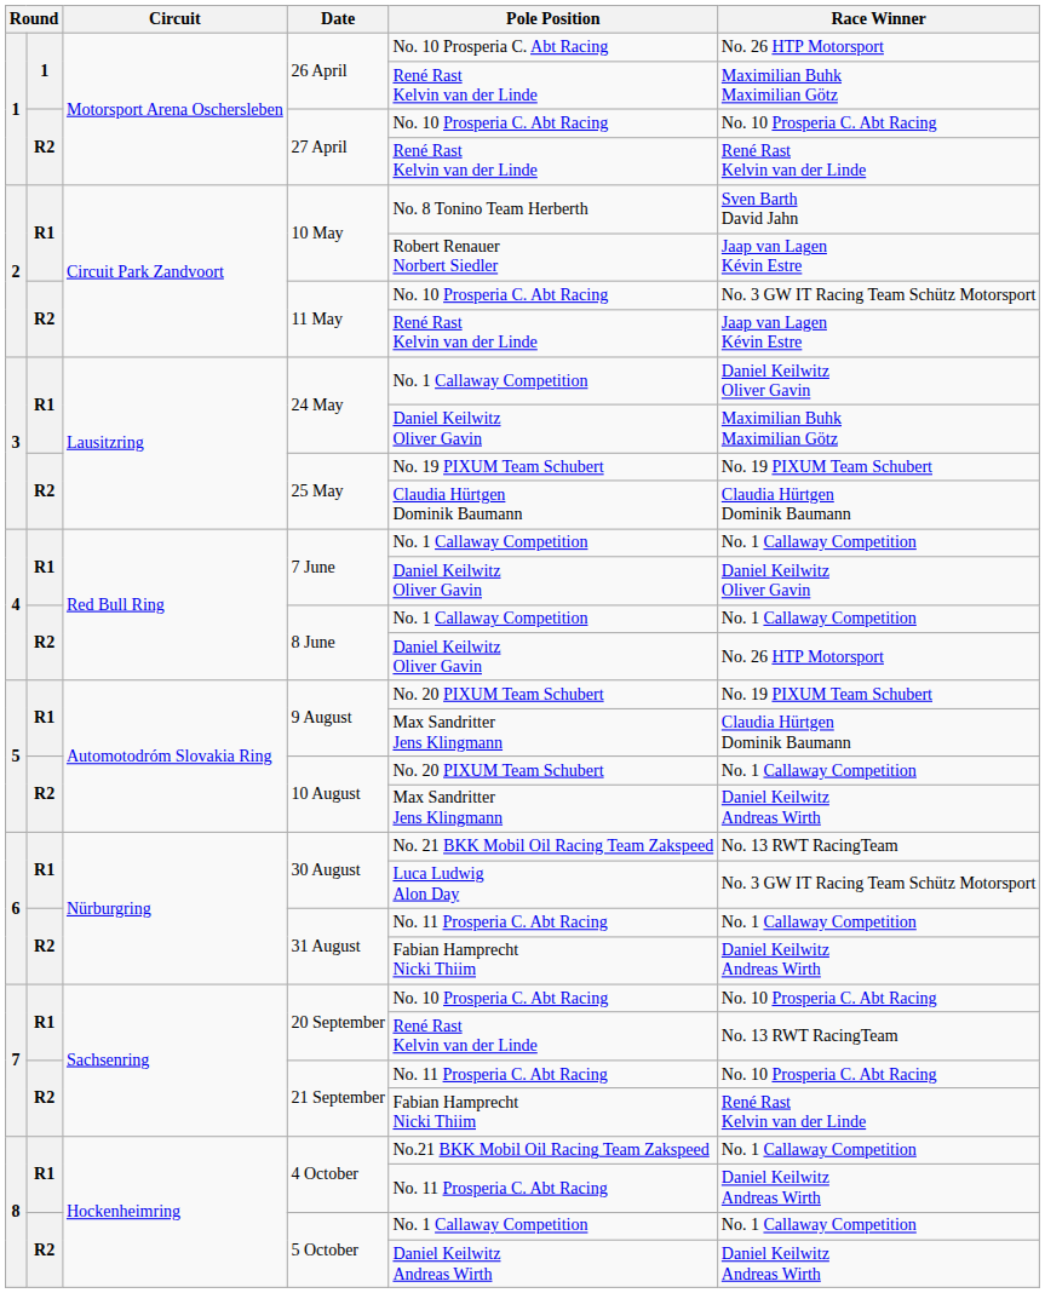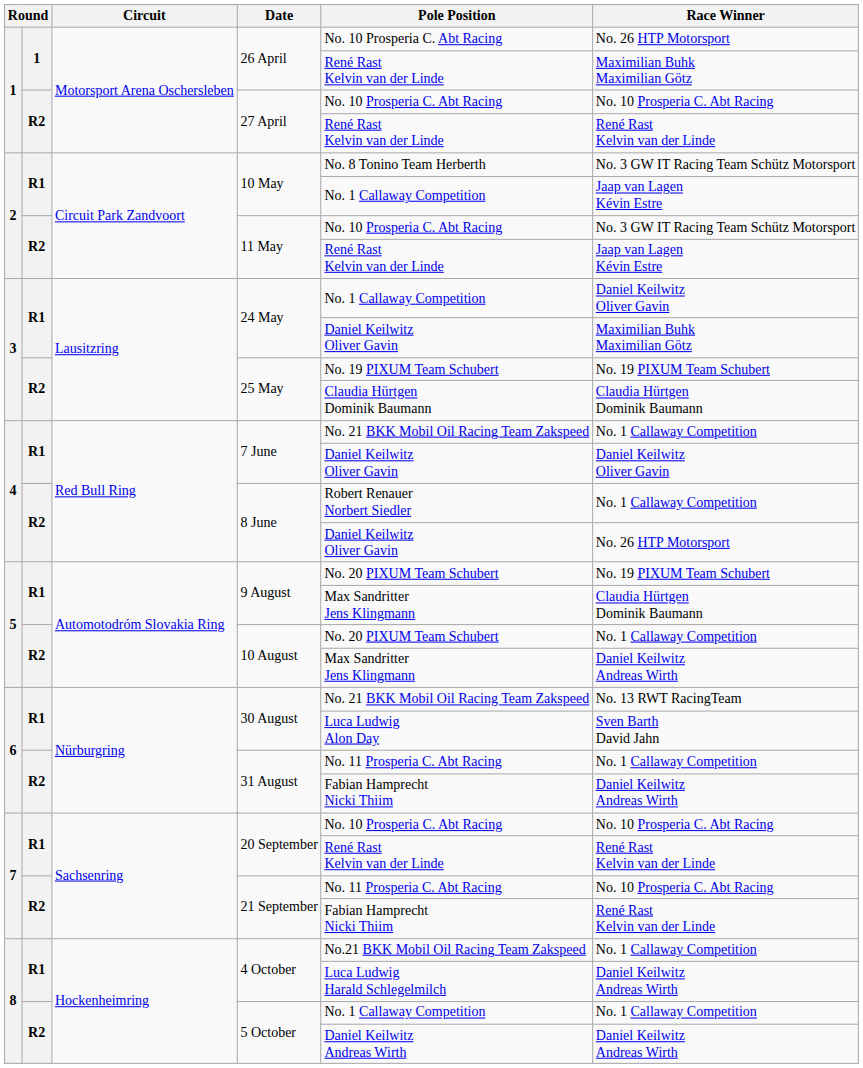 <table class="wikitable" style="font-size: 85%;">
 <tr>
 <th colspan=2>Round</th>
 <th>Circuit</th>
 <th>Date</th>
 <th>Pole Position</th>
 <th>Race Winner</th>
 </tr>
 <tr>
 <th rowspan=4>1</th>
 <th rowspan=2>1</th>
 <td rowspan=4> <a href='#'>Motorsport Arena Oschersleben</a></td>
 <td rowspan=2>26 April</td>
 <td>No. 10 Prosperia C. <a href='#'>Abt Racing</a></td>
 <td>No. 26 <a href='#'>HTP Motorsport</a></td>
 </tr>
 <tr>
 <td> <a href='#'>René Rast</a><br> <a href='#'>Kelvin van der Linde</a></td>
 <td> <a href='#'>Maximilian Buhk</a><br> <a href='#'>Maximilian Götz</a></td>
 </tr>
 <tr>
 <th rowspan=2>R2</th>
 <td rowspan=2>27 April</td>
 <td>No. 10 <a href='#'>Prosperia C. Abt Racing</a></td>
 <td>No. 10 <a href='#'>Prosperia C. Abt Racing</a></td>
 </tr>
 <tr>
 <td> <a href='#'>René Rast</a><br> <a href='#'>Kelvin van der Linde</a></td>
 <td> <a href='#'>René Rast</a><br> <a href='#'>Kelvin van der Linde</a></td>
 </tr>
 <tr>
 <th rowspan=4>2</th>
 <th rowspan=2>R1</th>
 <td rowspan=4> <a href='#'>Circuit Park Zandvoort</a></td>
 <td rowspan=2>10 May</td>
 <td>No. 8 Tonino Team Herberth</td>
-<td> <a href='#'>Sven Barth</a><br> David Jahn</td>
+<td>No. 3 GW IT Racing Team Schütz Motorsport</td>
 </tr>
 <tr>
-<td> Robert Renauer<br> <a href='#'>Norbert Siedler</a></td>
+<td>No. 1 <a href='#'>Callaway Competition</a></td>
 <td> <a href='#'>Jaap van Lagen</a><br> <a href='#'>Kévin Estre</a></td>
 </tr>
 <tr>
 <th rowspan=2>R2</th>
 <td rowspan=2>11 May</td>
 <td>No. 10 <a href='#'>Prosperia C. Abt Racing</a></td>
 <td>No. 3 GW IT Racing Team Schütz Motorsport</td>
 </tr>
 <tr>
 <td> <a href='#'>René Rast</a><br> <a href='#'>Kelvin van der Linde</a></td>
 <td> <a href='#'>Jaap van Lagen</a><br> <a href='#'>Kévin Estre</a></td>
 </tr>
 <tr>
 <th rowspan=4>3</th>
 <th rowspan=2>R1</th>
 <td rowspan=4> <a href='#'>Lausitzring</a></td>
 <td rowspan=2>24 May</td>
 <td>No. 1 <a href='#'>Callaway Competition</a></td>
 <td> <a href='#'>Daniel Keilwitz</a><br> <a href='#'>Oliver Gavin</a></td>
 </tr>
 <tr>
 <td> <a href='#'>Daniel Keilwitz</a><br> <a href='#'>Oliver Gavin</a></td>
 <td> <a href='#'>Maximilian Buhk</a><br> <a href='#'>Maximilian Götz</a></td>
 </tr>
 <tr>
 <th rowspan=2>R2</th>
 <td rowspan=2>25 May</td>
 <td>No. 19 <a href='#'>PIXUM Team Schubert</a></td>
 <td>No. 19 <a href='#'>PIXUM Team Schubert</a></td>
 </tr>
 <tr>
 <td> <a href='#'>Claudia Hürtgen</a><br> Dominik Baumann</td>
 <td> <a href='#'>Claudia Hürtgen</a><br> Dominik Baumann</td>
 </tr>
 <tr>
 <th rowspan=4>4</th>
 <th rowspan=2>R1</th>
 <td rowspan=4> <a href='#'>Red Bull Ring</a></td>
 <td rowspan=2>7 June</td>
-<td>No. 1 <a href='#'>Callaway Competition</a></td>
+<td>No. 21 <a href='#'>BKK Mobil Oil Racing Team Zakspeed</a></td>
 <td>No. 1 <a href='#'>Callaway Competition</a></td>
 </tr>
 <tr>
 <td> <a href='#'>Daniel Keilwitz</a><br> <a href='#'>Oliver Gavin</a></td>
 <td> <a href='#'>Daniel Keilwitz</a><br> <a href='#'>Oliver Gavin</a></td>
 </tr>
 <tr>
 <th rowspan=2>R2</th>
 <td rowspan=2>8 June</td>
-<td>No. 1 <a href='#'>Callaway Competition</a></td>
+<td> Robert Renauer<br> <a href='#'>Norbert Siedler</a></td>
 <td>No. 1 <a href='#'>Callaway Competition</a></td>
 </tr>
 <tr>
 <td> <a href='#'>Daniel Keilwitz</a><br> <a href='#'>Oliver Gavin</a></td>
 <td>No. 26 <a href='#'>HTP Motorsport</a></td>
 </tr>
 <tr>
 <th rowspan=4>5</th>
 <th rowspan=2>R1</th>
 <td rowspan=4> <a href='#'>Automotodróm Slovakia Ring</a></td>
 <td rowspan=2>9 August</td>
 <td>No. 20 <a href='#'>PIXUM Team Schubert</a></td>
 <td>No. 19 <a href='#'>PIXUM Team Schubert</a></td>
 </tr>
 <tr>
 <td> Max Sandritter<br> <a href='#'>Jens Klingmann</a></td>
 <td> <a href='#'>Claudia Hürtgen</a><br> Dominik Baumann</td>
 </tr>
 <tr>
 <th rowspan=2>R2</th>
 <td rowspan=2>10 August</td>
 <td>No. 20 <a href='#'>PIXUM Team Schubert</a></td>
 <td>No. 1 <a href='#'>Callaway Competition</a></td>
 </tr>
 <tr>
 <td> Max Sandritter<br> <a href='#'>Jens Klingmann</a></td>
 <td> <a href='#'>Daniel Keilwitz</a><br> <a href='#'>Andreas Wirth</a></td>
 </tr>
 <tr>
 <th rowspan=4>6</th>
 <th rowspan=2>R1</th>
 <td rowspan=4> <a href='#'>Nürburgring</a></td>
 <td rowspan=2>30 August</td>
 <td>No. 21 <a href='#'>BKK Mobil Oil Racing Team Zakspeed</a></td>
 <td>No. 13 RWT RacingTeam</td>
 </tr>
 <tr>
 <td> <a href='#'>Luca Ludwig</a><br> <a href='#'>Alon Day</a></td>
-<td>No. 3 GW IT Racing Team Schütz Motorsport</td>
+<td> <a href='#'>Sven Barth</a><br> David Jahn</td>
 </tr>
 <tr>
 <th rowspan=2>R2</th>
 <td rowspan=2>31 August</td>
 <td>No. 11 <a href='#'>Prosperia C. Abt Racing</a></td>
 <td>No. 1 <a href='#'>Callaway Competition</a></td>
 </tr>
 <tr>
 <td> Fabian Hamprecht<br> <a href='#'>Nicki Thiim</a></td>
 <td> <a href='#'>Daniel Keilwitz</a><br> <a href='#'>Andreas Wirth</a></td>
 </tr>
 <tr>
 <th rowspan=4>7</th>
 <th rowspan=2>R1</th>
 <td rowspan=4> <a href='#'>Sachsenring</a></td>
 <td rowspan=2>20 September</td>
 <td>No. 10 <a href='#'>Prosperia C. Abt Racing</a></td>
 <td>No. 10 <a href='#'>Prosperia C. Abt Racing</a></td>
 </tr>
 <tr>
 <td> <a href='#'>René Rast</a><br> <a href='#'>Kelvin van der Linde</a></td>
-<td>No. 13 RWT RacingTeam</td>
+<td> <a href='#'>René Rast</a><br> <a href='#'>Kelvin van der Linde</a></td>
 </tr>
 <tr>
 <th rowspan=2>R2</th>
 <td rowspan=2>21 September</td>
 <td>No. 11 <a href='#'>Prosperia C. Abt Racing</a></td>
 <td>No. 10 <a href='#'>Prosperia C. Abt Racing</a></td>
 </tr>
 <tr>
 <td> Fabian Hamprecht<br> <a href='#'>Nicki Thiim</a></td>
 <td> <a href='#'>René Rast</a><br> <a href='#'>Kelvin van der Linde</a></td>
 </tr>
 <tr>
 <th rowspan=4>8</th>
 <th rowspan=2>R1</th>
 <td rowspan=4> <a href='#'>Hockenheimring</a></td>
 <td rowspan=2>4 October</td>
 <td>No.21 <a href='#'>BKK Mobil Oil Racing Team Zakspeed</a></td>
 <td>No. 1 <a href='#'>Callaway Competition</a></td>
 </tr>
 <tr>
-<td>No. 11 <a href='#'>Prosperia C. Abt Racing</a></td>
+<td> <a href='#'>Luca Ludwig</a><br> <a href='#'>Harald Schlegelmilch</a></td>
 <td> <a href='#'>Daniel Keilwitz</a><br> <a href='#'>Andreas Wirth</a></td>
 </tr>
 <tr>
 <th rowspan=2>R2</th>
 <td rowspan=2>5 October</td>
 <td>No. 1 <a href='#'>Callaway Competition</a></td>
 <td>No. 1 <a href='#'>Callaway Competition</a></td>
 </tr>
 <tr>
 <td> <a href='#'>Daniel Keilwitz</a><br> <a href='#'>Andreas Wirth</a></td>
 <td> <a href='#'>Daniel Keilwitz</a><br> <a href='#'>Andreas Wirth</a></td>
 </tr>
 </table>
